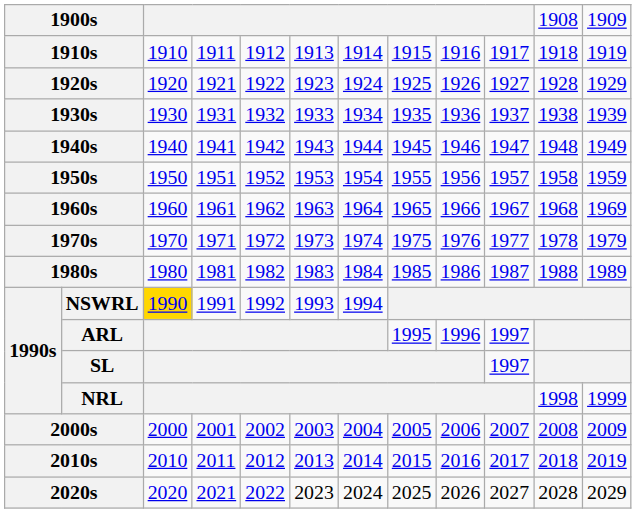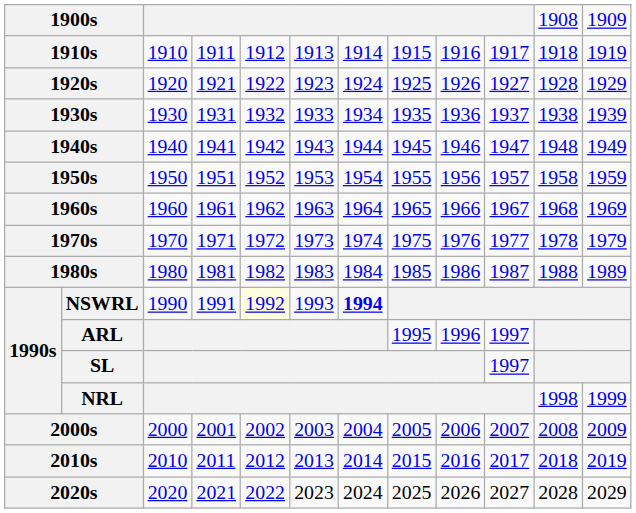 <table class="wikitable">
 <tr>
 <th colspan="2">1900s</th>
 <th colspan="8"></th>
 <td><a href='#'>1908</a></td>
 <td><a href='#'>1909</a></td>
 </tr>
 <tr>
 <th colspan="2">1910s</th>
 <td><a href='#'>1910</a></td>
 <td><a href='#'>1911</a></td>
 <td><a href='#'>1912</a></td>
 <td><a href='#'>1913</a></td>
 <td><a href='#'>1914</a></td>
 <td><a href='#'>1915</a></td>
 <td><a href='#'>1916</a></td>
 <td><a href='#'>1917</a></td>
 <td><a href='#'>1918</a></td>
 <td><a href='#'>1919</a></td>
 </tr>
 <tr>
 <th colspan="2">1920s</th>
 <td><a href='#'>1920</a></td>
 <td><a href='#'>1921</a></td>
 <td><a href='#'>1922</a></td>
 <td><a href='#'>1923</a></td>
 <td><a href='#'>1924</a></td>
 <td><a href='#'>1925</a></td>
 <td><a href='#'>1926</a></td>
 <td><a href='#'>1927</a></td>
 <td><a href='#'>1928</a></td>
 <td><a href='#'>1929</a></td>
 </tr>
 <tr>
 <th colspan="2">1930s</th>
 <td><a href='#'>1930</a></td>
 <td><a href='#'>1931</a></td>
 <td><a href='#'>1932</a></td>
 <td><a href='#'>1933</a></td>
 <td><a href='#'>1934</a></td>
 <td><a href='#'>1935</a></td>
 <td><a href='#'>1936</a></td>
 <td><a href='#'>1937</a></td>
 <td><a href='#'>1938</a></td>
 <td><a href='#'>1939</a></td>
 </tr>
 <tr>
 <th colspan="2">1940s</th>
 <td><a href='#'>1940</a></td>
 <td><a href='#'>1941</a></td>
 <td><a href='#'>1942</a></td>
 <td><a href='#'>1943</a></td>
 <td><a href='#'>1944</a></td>
 <td><a href='#'>1945</a></td>
 <td><a href='#'>1946</a></td>
 <td><a href='#'>1947</a></td>
 <td><a href='#'>1948</a></td>
 <td><a href='#'>1949</a></td>
 </tr>
 <tr>
 <th colspan="2">1950s</th>
 <td><a href='#'>1950</a></td>
 <td><a href='#'>1951</a></td>
 <td><a href='#'>1952</a></td>
 <td><a href='#'>1953</a></td>
 <td><a href='#'>1954</a></td>
 <td><a href='#'>1955</a></td>
 <td><a href='#'>1956</a></td>
 <td><a href='#'>1957</a></td>
 <td><a href='#'>1958</a></td>
 <td><a href='#'>1959</a></td>
 </tr>
 <tr>
 <th colspan="2">1960s</th>
 <td><a href='#'>1960</a></td>
 <td><a href='#'>1961</a></td>
 <td><a href='#'>1962</a></td>
 <td><a href='#'>1963</a></td>
 <td><a href='#'>1964</a></td>
 <td><a href='#'>1965</a></td>
 <td><a href='#'>1966</a></td>
 <td><a href='#'>1967</a></td>
 <td><a href='#'>1968</a></td>
 <td><a href='#'>1969</a></td>
 </tr>
 <tr>
 <th colspan="2">1970s</th>
 <td><a href='#'>1970</a></td>
 <td><a href='#'>1971</a></td>
 <td><a href='#'>1972</a></td>
 <td><a href='#'>1973</a></td>
 <td><a href='#'>1974</a></td>
 <td><a href='#'>1975</a></td>
 <td><a href='#'>1976</a></td>
 <td><a href='#'>1977</a></td>
 <td><a href='#'>1978</a></td>
 <td><a href='#'>1979</a></td>
 </tr>
 <tr>
 <th colspan="2">1980s</th>
 <td><a href='#'>1980</a></td>
 <td><a href='#'>1981</a></td>
 <td><a href='#'>1982</a></td>
 <td><a href='#'>1983</a></td>
 <td><a href='#'>1984</a></td>
 <td><a href='#'>1985</a></td>
 <td><a href='#'>1986</a></td>
 <td><a href='#'>1987</a></td>
 <td><a href='#'>1988</a></td>
 <td><a href='#'>1989</a></td>
 </tr>
 <tr>
 <th rowspan="4">1990s</th>
 <th>NSWRL</th>
-<td style="background: gold;"><a href='#'>1990</a></td>
+<td><a href='#'>1990</a></td>
 <td><a href='#'>1991</a></td>
-<td><a href='#'>1992</a></td>
+<td style="background: lightyellow;"><a href='#'>1992</a></td>
 <td><a href='#'>1993</a></td>
-<td><a href='#'>1994</a></td>
+<td><strong><a href='#'>1994</a></strong></td>
 <th colspan="5"></th>
 </tr>
 <tr>
 <th>ARL</th>
 <th colspan="5"></th>
 <td><a href='#'>1995</a></td>
 <td><a href='#'>1996</a></td>
 <td><a href='#'>1997</a></td>
 <th colspan="2"></th>
 </tr>
 <tr>
 <th>SL</th>
 <th colspan="7"></th>
 <td><a href='#'>1997</a></td>
 <th colspan="2"></th>
 </tr>
 <tr>
 <th>NRL</th>
 <th colspan="8"></th>
 <td><a href='#'>1998</a></td>
 <td><a href='#'>1999</a></td>
 </tr>
 <tr>
 <th colspan="2">2000s</th>
 <td><a href='#'>2000</a></td>
 <td><a href='#'>2001</a></td>
 <td><a href='#'>2002</a></td>
 <td><a href='#'>2003</a></td>
 <td><a href='#'>2004</a></td>
 <td><a href='#'>2005</a></td>
 <td><a href='#'>2006</a></td>
 <td><a href='#'>2007</a></td>
 <td><a href='#'>2008</a></td>
 <td><a href='#'>2009</a></td>
 </tr>
 <tr>
 <th colspan="2">2010s</th>
 <td><a href='#'>2010</a></td>
 <td><a href='#'>2011</a></td>
 <td><a href='#'>2012</a></td>
 <td><a href='#'>2013</a></td>
 <td><a href='#'>2014</a></td>
 <td><a href='#'>2015</a></td>
 <td><a href='#'>2016</a></td>
 <td><a href='#'>2017</a></td>
 <td><a href='#'>2018</a></td>
 <td><a href='#'>2019</a></td>
 </tr>
 <tr>
 <th colspan="2">2020s</th>
 <td><a href='#'>2020</a></td>
 <td><a href='#'>2021</a></td>
 <td><a href='#'>2022</a></td>
 <td>2023</td>
 <td>2024</td>
 <td>2025</td>
 <td>2026</td>
 <td>2027</td>
 <td>2028</td>
 <td>2029</td>
 </tr>
 </table>
